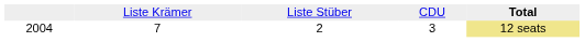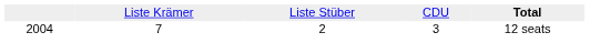 <table border="0" cellpadding="2" cellspacing="0" width="60%">
 <tr bgcolor="#eeeeee" align="center">
 <td></td>
 <td><a href='#'>Liste Krämer</a></td>
 <td><a href='#'>Liste Stüber</a></td>
 <td><a href='#'>CDU</a></td>
 <td><strong>Total</strong></td>
 </tr>
 <tr align="center">
 <td>2004</td>
 <td>7</td>
 <td>2</td>
 <td>3</td>
-<td style="background: khaki;">12 seats</td>
+<td>12 seats</td>
 </tr>
 </table>
